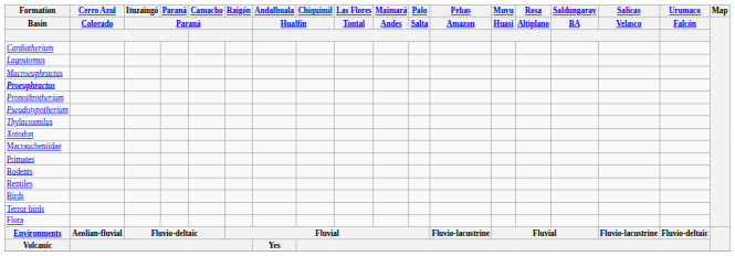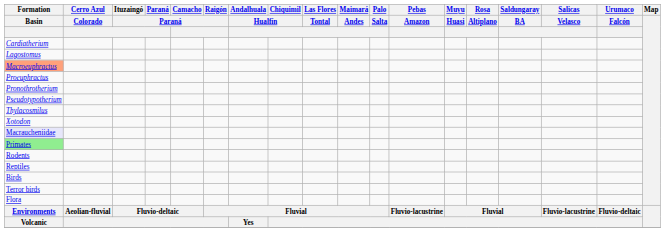 <table class="wikitable" style="font-size: 70%">
 <tr>
 <th>Formation</th>
 <th><a href='#'>Cerro Azul</a></th>
 <th>Ituzaingó</th>
 <th><a href='#'>Paraná</a></th>
 <th><a href='#'>Camacho</a></th>
 <th><a href='#'>Raigón</a></th>
 <th><a href='#'>Andalhuala</a></th>
 <th><a href='#'>Chiquimil</a></th>
 <th><a href='#'>Las Flores</a></th>
 <th><a href='#'>Maimará</a></th>
 <th><a href='#'>Palo</a></th>
 <th><a href='#'>Pebas</a></th>
 <th><a href='#'>Muyu</a></th>
 <th><a href='#'>Rosa</a></th>
 <th><a href='#'>Saldungaray</a></th>
 <th><a href='#'>Salicas</a></th>
 <th><a href='#'>Urumaco</a></th>
 <th>Map</th>
 </tr>
 <tr>
 <th>Basin</th>
 <th><a href='#'>Colorado</a></th>
 <th colspan=4><a href='#'>Paraná</a></th>
 <th colspan=2><a href='#'>Hualfín</a></th>
 <th><a href='#'>Tontal</a></th>
 <th><a href='#'>Andes</a></th>
 <th><a href='#'>Salta</a></th>
 <th><a href='#'>Amazon</a></th>
 <th><a href='#'>Huasi</a></th>
 <th><a href='#'>Altiplano</a></th>
 <th><a href='#'>BA</a></th>
 <th><a href='#'>Velasco</a></th>
 <th><a href='#'>Falcón</a></th>
 <th align=center rowspan=17></th>
 </tr>
 <tr>
 <th></th>
 <th colspan=3></th>
 <th colspan=2></th>
 <th colspan=5></th>
 <th><br></th>
 <th colspan=2></th>
 <th colspan=2></th>
 <th></th>
 </tr>
 <tr>
 <td><em><a href='#'>Cardiatherium</a></em></td>
 <td align=center></td>
 <td align=center></td>
 <td align=center></td>
 <td align=center></td>
 <td align=center></td>
 <td align=center></td>
 <td align=center></td>
 <td align=center></td>
 <td align=center></td>
 <td align=center></td>
 <td align=center></td>
 <td align=center></td>
 <td align=center></td>
 <td align=center></td>
 <td align=center></td>
 <td align=center></td>
 </tr>
 <tr>
 <td><em><a href='#'>Lagostomus</a></em></td>
 <td align=center></td>
 <td align=center></td>
 <td align=center></td>
 <td align=center></td>
 <td align=center></td>
 <td align=center></td>
 <td align=center></td>
 <td align=center></td>
 <td align=center></td>
 <td align=center></td>
 <td align=center></td>
 <td align=center></td>
 <td align=center></td>
 <td align=center></td>
 <td align=center></td>
 <td></td>
 </tr>
 <tr>
-<td><em><a href='#'>Macroeuphractus</a></em></td>
+<td style="background: lightsalmon;"><em><a href='#'>Macroeuphractus</a></em></td>
 <td align=center></td>
 <td align=center></td>
 <td align=center></td>
 <td align=center></td>
 <td align=center></td>
 <td align=center></td>
 <td align=center></td>
 <td align=center></td>
 <td align=center></td>
 <td align=center></td>
 <td align=center></td>
 <td align=center></td>
 <td align=center></td>
 <td align=center></td>
 <td align=center></td>
 <td></td>
 </tr>
 <tr>
-<td><strong><em><a href='#'>Proeuphractus</a></em></strong></td>
+<td><em><a href='#'>Proeuphractus</a></em></td>
 <td align=center></td>
 <td align=center></td>
 <td align=center></td>
 <td align=center></td>
 <td align=center></td>
 <td align=center></td>
 <td align=center></td>
 <td align=center></td>
 <td align=center></td>
 <td align=center></td>
 <td align=center></td>
 <td align=center></td>
 <td align=center></td>
 <td align=center></td>
 <td align=center></td>
 <td align=center></td>
 </tr>
 <tr>
 <td><em><a href='#'>Pronothrotherium</a></em></td>
 <td align=center></td>
 <td align=center></td>
 <td align=center></td>
 <td align=center></td>
 <td align=center></td>
 <td align=center></td>
 <td align=center></td>
 <td align=center></td>
 <td align=center></td>
 <td align=center></td>
 <td align=center></td>
 <td align=center></td>
 <td align=center></td>
 <td align=center></td>
 <td align=center></td>
 <td align=center></td>
 </tr>
 <tr>
 <td><em><a href='#'>Pseudotypotherium</a></em></td>
 <td align=center></td>
 <td align=center></td>
 <td align=center></td>
 <td align=center></td>
 <td align=center></td>
 <td align=center></td>
 <td align=center></td>
 <td align=center></td>
 <td align=center></td>
 <td align=center></td>
 <td align=center></td>
 <td align=center></td>
 <td align=center></td>
 <td align=center></td>
 <td align=center></td>
 <td align=center></td>
 </tr>
 <tr>
 <td><em><a href='#'>Thylacosmilus</a></em></td>
 <td align=center></td>
 <td align=center></td>
 <td align=center></td>
 <td align=center></td>
 <td align=center></td>
 <td align=center></td>
 <td align=center></td>
 <td align=center></td>
 <td align=center></td>
 <td align=center></td>
 <td align=center></td>
 <td align=center></td>
 <td align=center></td>
 <td align=center></td>
 <td align=center></td>
 <td></td>
 </tr>
 <tr>
 <td><em><a href='#'>Xotodon</a></em></td>
 <td align=center></td>
 <td align=center></td>
 <td align=center></td>
 <td align=center></td>
 <td align=center></td>
 <td align=center></td>
 <td align=center></td>
 <td align=center></td>
 <td align=center></td>
 <td align=center></td>
 <td align=center></td>
 <td align=center></td>
 <td align=center></td>
 <td align=center></td>
 <td align=center></td>
 <td align=center></td>
 </tr>
 <tr>
-<td><a href='#'>Macraucheniidae</a></td>
+<td style="background: lavender;"><a href='#'>Macraucheniidae</a></td>
 <td align=center></td>
 <td align=center></td>
 <td align=center></td>
 <td align=center></td>
 <td align=center></td>
 <td align=center></td>
 <td align=center></td>
 <td align=center></td>
 <td align=center></td>
 <td align=center></td>
 <td align=center></td>
 <td align=center></td>
 <td align=center></td>
 <td align=center></td>
 <td align=center></td>
 <td align=center></td>
 </tr>
 <tr>
-<td><a href='#'>Primates</a></td>
+<td style="background: lightgreen;"><a href='#'>Primates</a></td>
 <td align=center></td>
 <td align=center></td>
 <td align=center></td>
 <td align=center></td>
 <td align=center></td>
 <td align=center></td>
 <td align=center></td>
 <td align=center></td>
 <td align=center></td>
 <td align=center></td>
 <td align=center></td>
 <td align=center></td>
 <td align=center></td>
 <td align=center></td>
 <td align=center></td>
 <td align=center></td>
 </tr>
 <tr>
 <td><a href='#'>Rodents</a></td>
 <td align=center></td>
 <td align=center></td>
 <td align=center></td>
 <td align=center></td>
 <td align=center></td>
 <td align=center></td>
 <td align=center></td>
 <td align=center></td>
 <td align=center></td>
 <td align=center></td>
 <td align=center></td>
 <td align=center></td>
 <td align=center></td>
 <td align=center></td>
 <td align=center></td>
 <td align=center></td>
 </tr>
 <tr>
 <td><a href='#'>Reptiles</a></td>
 <td align=center></td>
 <td align=center></td>
 <td align=center></td>
 <td align=center></td>
 <td align=center></td>
 <td align=center></td>
 <td align=center></td>
 <td align=center></td>
 <td align=center></td>
 <td align=center></td>
 <td align=center></td>
 <td align=center></td>
 <td align=center></td>
 <td align=center></td>
 <td align=center></td>
 <td align=center></td>
 </tr>
 <tr>
 <td><a href='#'>Birds</a></td>
 <td align=center></td>
 <td align=center></td>
 <td align=center></td>
 <td align=center></td>
 <td align=center></td>
 <td align=center></td>
 <td align=center></td>
 <td align=center></td>
 <td align=center></td>
 <td align=center></td>
 <td align=center></td>
 <td></td>
 <td align=center></td>
 <td align=center></td>
 <td align=center></td>
 <td align=center></td>
 </tr>
 <tr>
 <td><a href='#'>Terror birds</a></td>
 <td align=center></td>
 <td align=center></td>
 <td align=center></td>
 <td align=center></td>
 <td align=center></td>
 <td align=center></td>
 <td align=center></td>
 <td align=center></td>
 <td align=center></td>
 <td align=center></td>
 <td align=center></td>
 <td align=center></td>
 <td align=center></td>
 <td align=center></td>
 <td align=center></td>
 <td align=center></td>
 </tr>
 <tr>
 <td><a href='#'>Flora</a></td>
 <td align=center></td>
 <td align=center></td>
 <td align=center></td>
 <td align=center></td>
 <td align=center></td>
 <td align=center></td>
 <td align=center></td>
 <td align=center></td>
 <td align=center></td>
 <td align=center></td>
 <td align=center></td>
 <td align=center></td>
 <td align=center></td>
 <td align=center></td>
 <td align=center></td>
 <td align=center></td>
 </tr>
 <tr>
 <th><a href='#'>Environments</a></th>
 <th>Aeolian-fluvial</th>
 <th colspan=3>Fluvio-deltaic</th>
 <th colspan=6>Fluvial</th>
 <th>Fluvio-lacustrine</th>
 <th colspan=3>Fluvial</th>
 <th>Fluvio-lacustrine</th>
 <th>Fluvio-deltaic</th>
 <th rowspan=2 align=left><br><br></th>
 </tr>
 <tr>
 <th>Volcanic</th>
 <th colspan=5></th>
 <th>Yes</th>
 <th colspan=10></th>
 </tr>
 <tr>
 </tr>
 </table>
